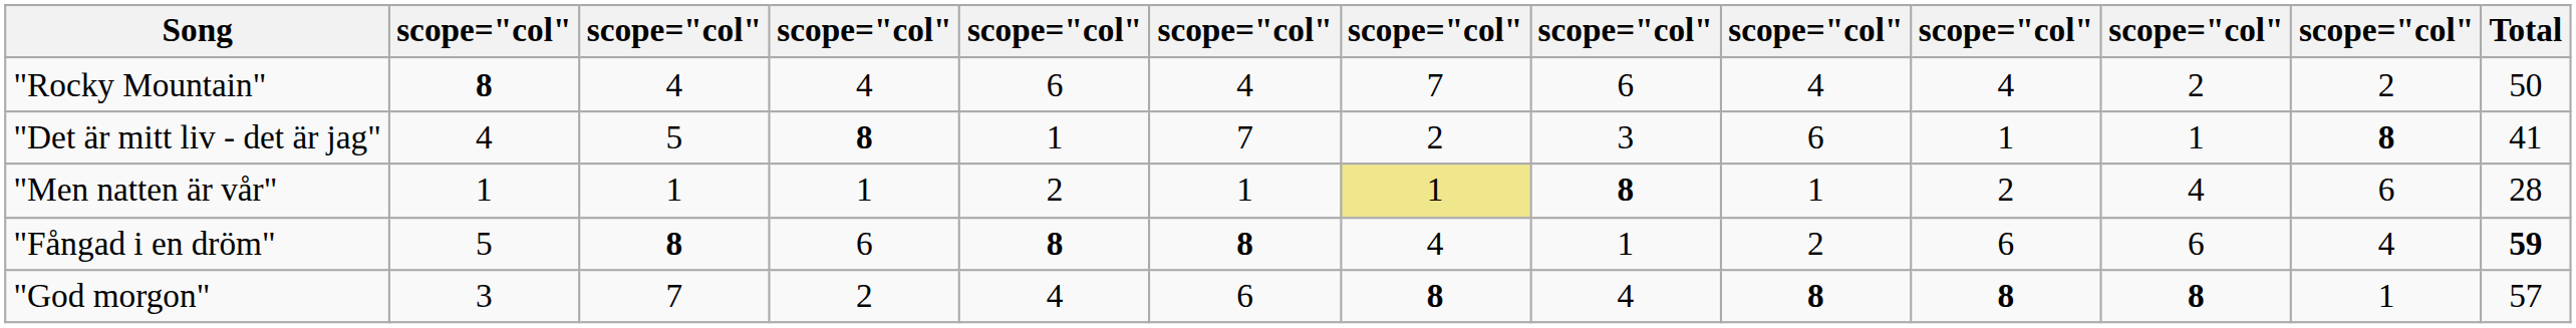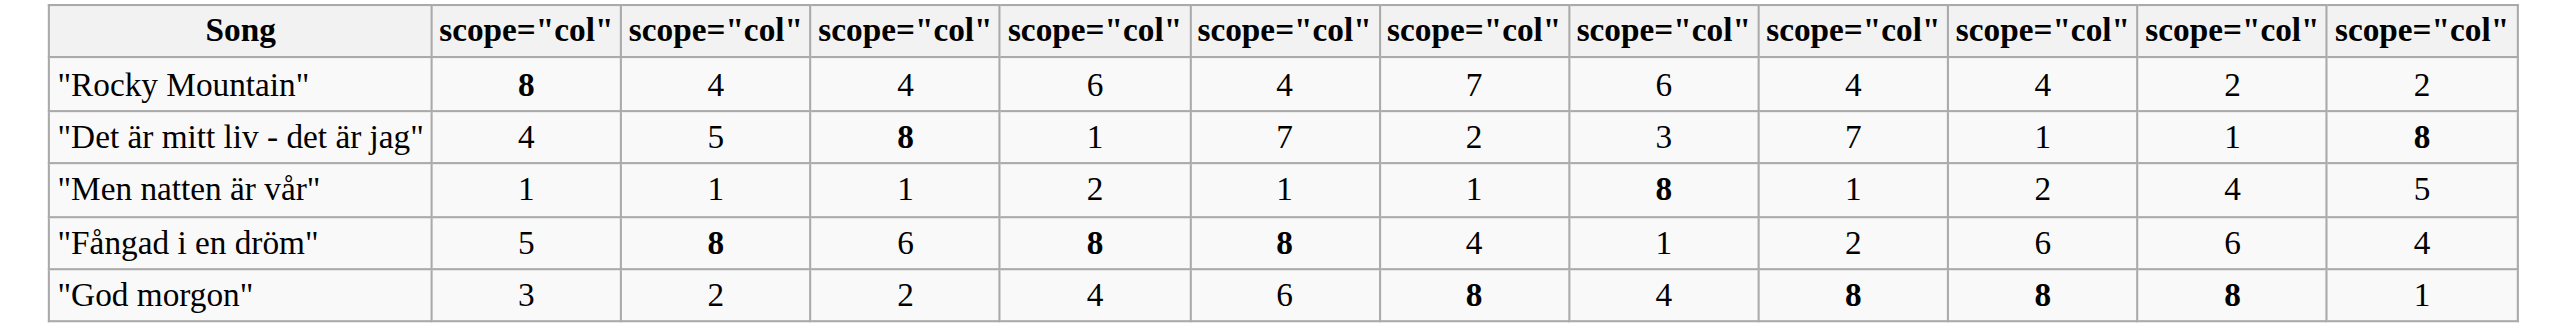 <table class="wikitable plainrowheaders" style="margin: 1em auto 1em auto; text-align:center;">
 <tr>
 <th scope="col">Song</th>
 <th>scope="col" </th>
 <th>scope="col" </th>
 <th>scope="col" </th>
 <th>scope="col" </th>
 <th>scope="col" </th>
 <th>scope="col" </th>
 <th>scope="col" </th>
 <th>scope="col" </th>
 <th>scope="col" </th>
 <th>scope="col" </th>
 <th>scope="col" </th>
-<th scope="col">Total</th>
 </tr>
 <tr>
 <td align=left>"Rocky Mountain"</td>
 <td><strong>8</strong></td>
 <td>4</td>
 <td>4</td>
 <td>6</td>
 <td>4</td>
 <td>7</td>
 <td>6</td>
 <td>4</td>
 <td>4</td>
 <td>2</td>
 <td>2</td>
-<td>50</td>
 </tr>
 <tr>
 <td align=left>"Det är mitt liv - det är jag"</td>
 <td>4</td>
 <td>5</td>
 <td><strong>8</strong></td>
 <td>1</td>
 <td>7</td>
 <td>2</td>
 <td>3</td>
-<td>6</td>
+<td>7</td>
 <td>1</td>
 <td>1</td>
 <td><strong>8</strong></td>
-<td>41</td>
 </tr>
 <tr>
 <td align=left>"Men natten är vår"</td>
 <td>1</td>
 <td>1</td>
 <td>1</td>
 <td>2</td>
 <td>1</td>
-<td style="background: khaki;">1</td>
+<td>1</td>
 <td><strong>8</strong></td>
 <td>1</td>
 <td>2</td>
 <td>4</td>
-<td>6</td>
-<td>28</td>
+<td>5</td>
 </tr>
 <tr>
 <td align=left>"Fångad i en dröm"</td>
 <td>5</td>
 <td><strong>8</strong></td>
 <td>6</td>
 <td><strong>8</strong></td>
 <td><strong>8</strong></td>
 <td>4</td>
 <td>1</td>
 <td>2</td>
 <td>6</td>
 <td>6</td>
 <td>4</td>
-<td><strong>59</strong></td>
 </tr>
 <tr>
 <td align=left>"God morgon"</td>
 <td>3</td>
-<td>7</td>
+<td>2</td>
 <td>2</td>
 <td>4</td>
 <td>6</td>
 <td><strong>8</strong></td>
 <td>4</td>
 <td><strong>8</strong></td>
 <td><strong>8</strong></td>
 <td><strong>8</strong></td>
 <td>1</td>
-<td>57</td>
 </tr>
 </table>
